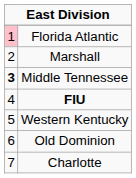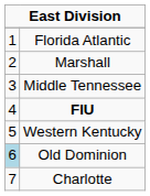 <table class="wikitable">
 <tr align="center">
 <td align="center" Colspan="3"><strong>East Division</strong></td>
 </tr>
 <tr align="center">
 </tr>
 <tr align="center">
-<td style="background: pink;">1</td>
+<td>1</td>
 <td>Florida Atlantic</td>
 </tr>
 <tr align="center">
 <td>2</td>
 <td>Marshall</td>
 </tr>
 <tr align="center">
-<td><strong>3</strong></td>
+<td>3</td>
 <td>Middle Tennessee</td>
 </tr>
 <tr align="center">
 <td>4</td>
 <td><strong>FIU</strong></td>
 </tr>
 <tr align="center">
 <td>5</td>
 <td>Western Kentucky</td>
 </tr>
 <tr align="center">
-<td>6</td>
+<td style="background: lightblue;">6</td>
 <td>Old Dominion</td>
 </tr>
 <tr align="center">
 <td>7</td>
 <td>Charlotte</td>
 </tr>
 </table>
